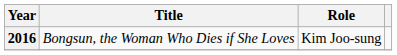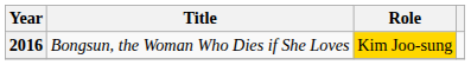 <table class="wikitable  plainrowheaders sortable">
 <tr>
 <th>Year</th>
 <th>Title</th>
 <th>Role</th>
 <th scope="col" class="unsortable"></th>
 </tr>
 <tr>
 <th scope="row">2016</th>
 <td><em>Bongsun, the Woman Who Dies if She Loves</em></td>
-<td>Kim Joo-sung</td>
+<td style="background: gold;">Kim Joo-sung</td>
 <td></td>
 </tr>
 <tr>
 </tr>
 </table>
